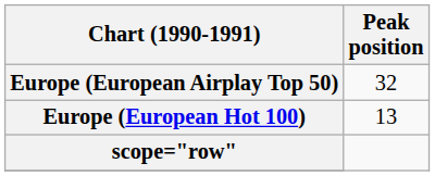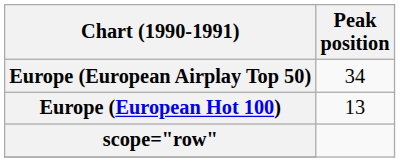 <table class="wikitable sortable plainrowheaders">
 <tr>
 <th>Chart (1990-1991)</th>
 <th>Peak<br>position</th>
 </tr>
 <tr>
 <th scope="row">Europe (European Airplay Top 50)</th>
-<td align="center">32</td>
+<td align="center">34</td>
 </tr>
 <tr>
 <th scope="row">Europe (<a href='#'>European Hot 100</a>)</th>
 <td align="center">13</td>
 </tr>
 <tr>
 <th>scope="row"</th>
 </tr>
 <tr>
 </tr>
 </table>
